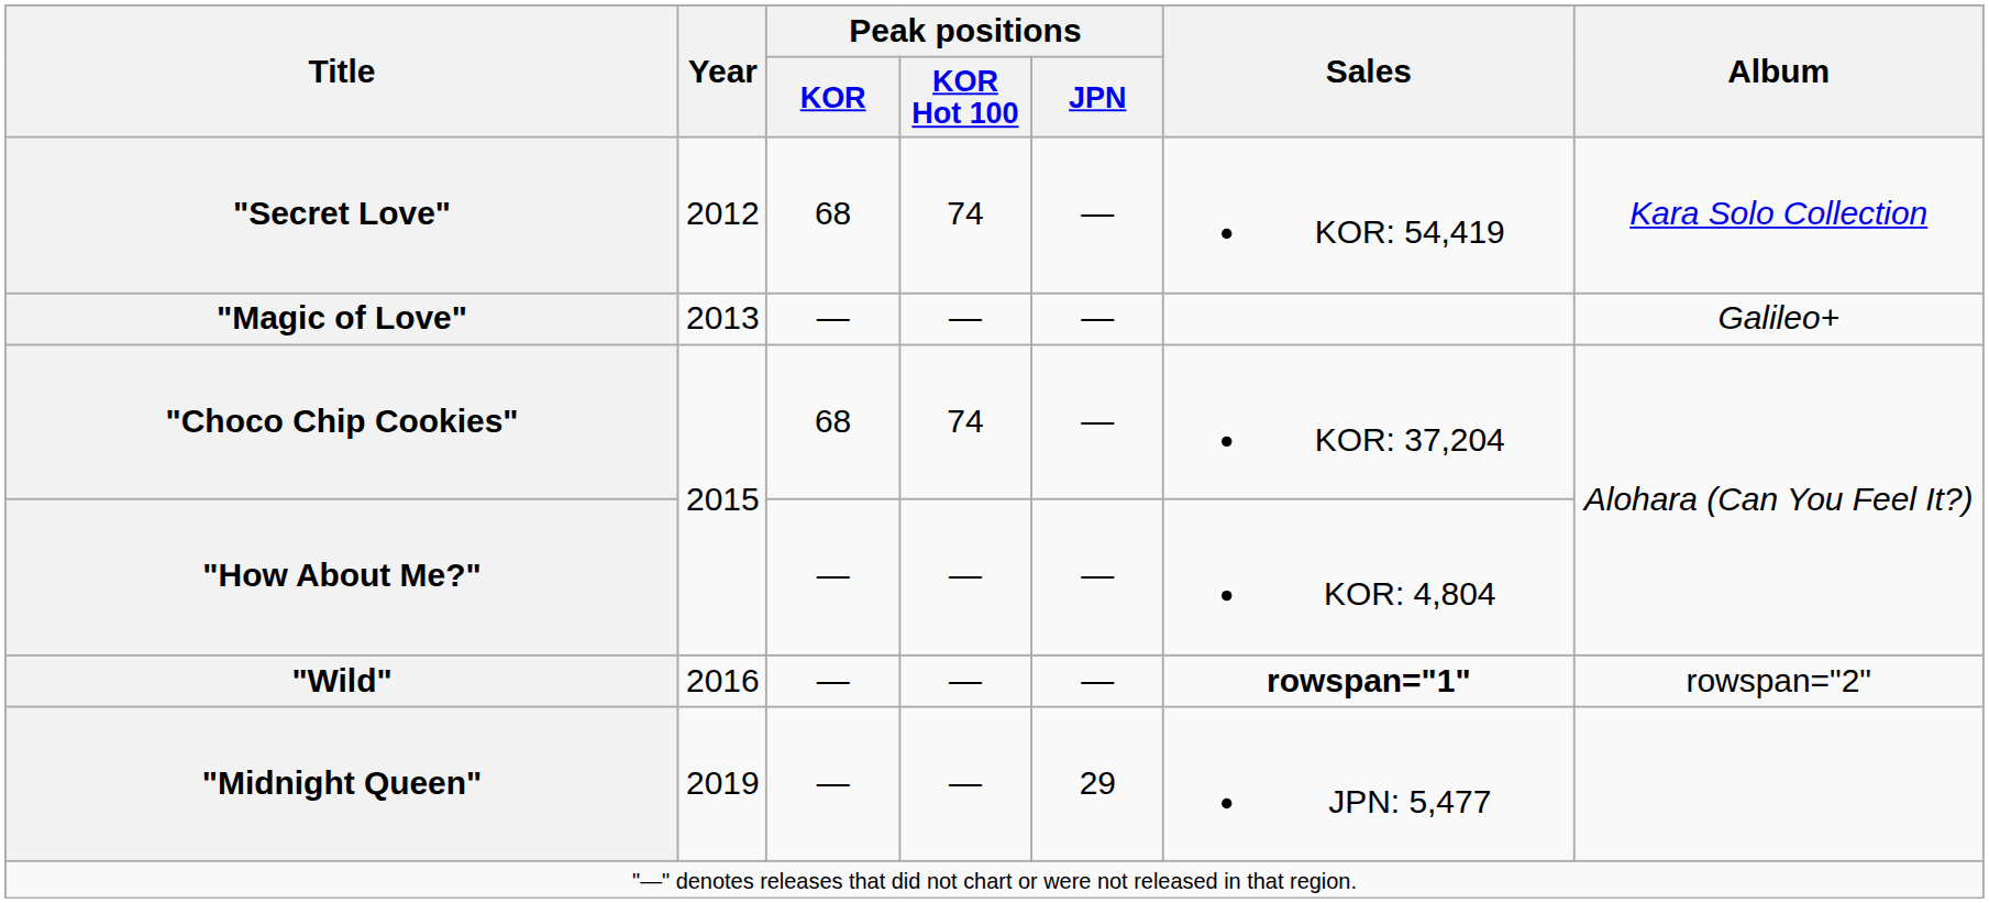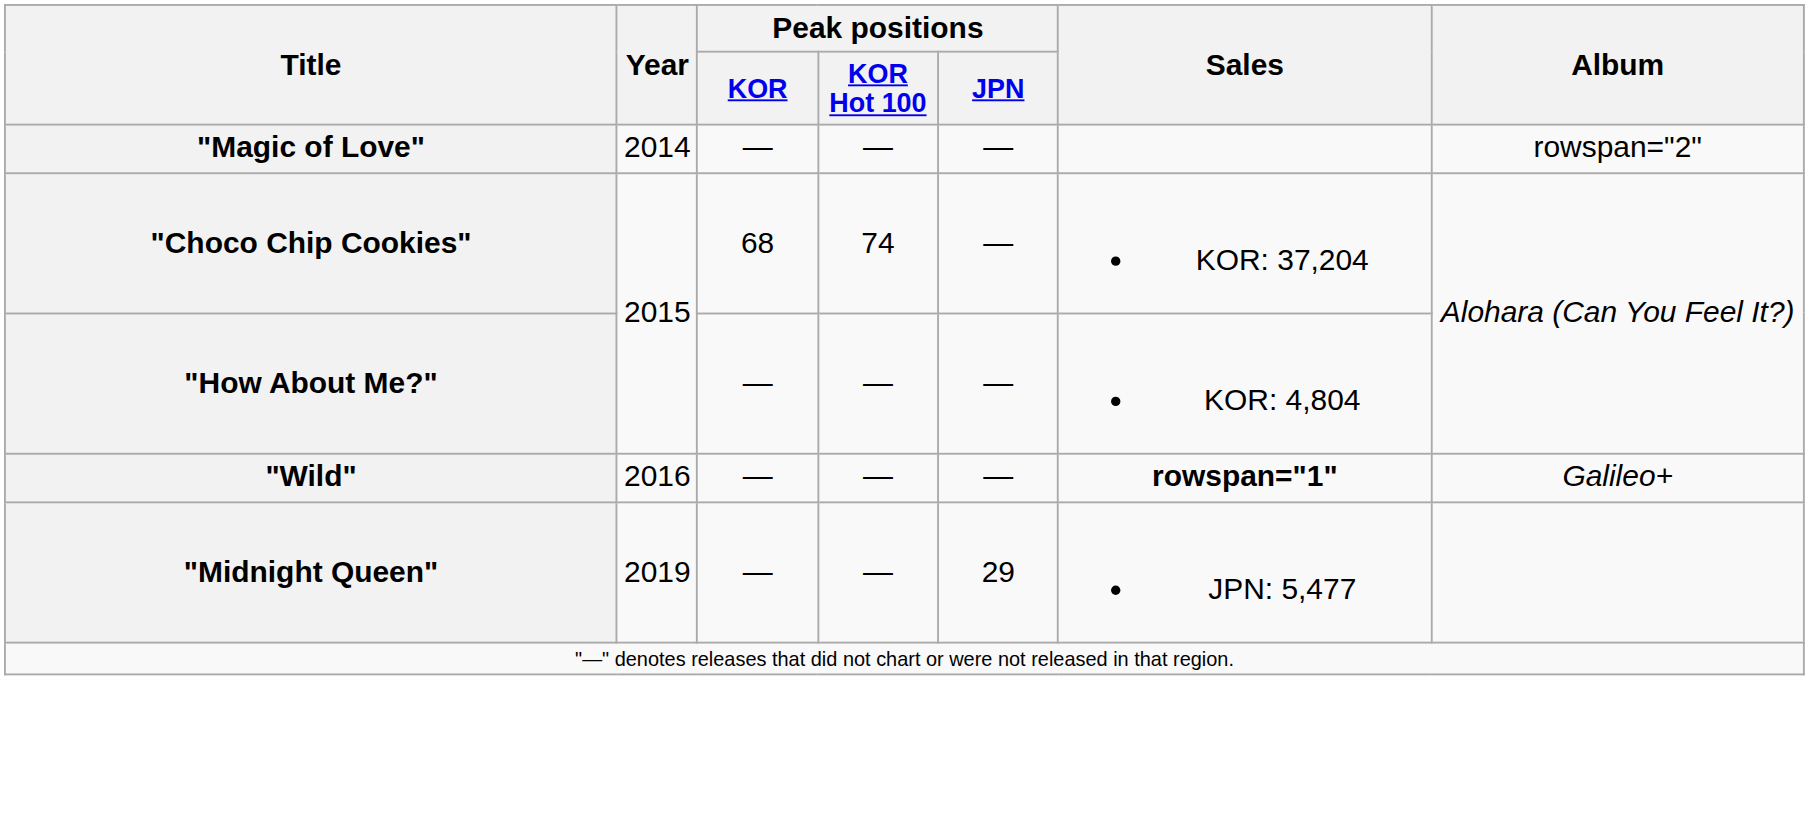 <table class="wikitable plainrowheaders" style="text-align:center">
 <tr>
 <th scope="col" rowspan="2" style="width:20em">Title</th>
 <th scope="col" rowspan="2" style="width:2em">Year</th>
 <th scope="col" colspan="3">Peak positions</th>
 <th rowspan="2" style="width:12em">Sales</th>
 <th scope="col" rowspan="2" style="width:12em">Album</th>
 </tr>
 <tr>
 <th scope="col" style="width:4em;font-size:90%"><a href='#'>KOR</a><br></th>
 <th scope="col" style="width:4em;font-size:90%"><a href='#'>KOR<br>Hot 100</a><br></th>
 <th scope="col" style="width:4em;font-size:90%"><a href='#'>JPN</a><br></th>
 </tr>
 <tr>
-<th scope="row">"Secret Love" </th>
-<td>2012</td>
-<td>68</td>
-<td>74</td>
-<td>—</td>
-<td><br><ul><li>KOR: 54,419</li></ul></td>
-<td><em><a href='#'>Kara Solo Collection</a></em></td>
-</tr>
-<tr>
 <th scope="row">"Magic of Love" </th>
-<td>2013</td>
+<td>2014</td>
 <td>—</td>
 <td>—</td>
 <td>—</td>
 <td></td>
-<td><em>Galileo+</em></td>
+<td>rowspan="2" </td>
 </tr>
 <tr>
 <th scope="row">"Choco Chip Cookies" <br></th>
 <td rowspan="2">2015</td>
 <td>68</td>
 <td>74</td>
 <td>—</td>
 <td><br><ul><li>KOR: 37,204</li></ul></td>
 <td rowspan="2"><em>Alohara (Can You Feel It?)</em></td>
 </tr>
 <tr>
 <th scope="row">"How About Me?" <br></th>
 <td>—</td>
 <td>—</td>
 <td>—</td>
 <td><br><ul><li>KOR: 4,804</li></ul></td>
 </tr>
 <tr>
 <th scope="row">"Wild"</th>
 <td>2016</td>
 <td>—</td>
 <td>—</td>
 <td>—</td>
 <td><strong>rowspan="1" </strong></td>
-<td>rowspan="2" </td>
+<td><em>Galileo+</em></td>
 </tr>
 <tr>
 <th scope="row">"Midnight Queen"</th>
 <td>2019</td>
 <td>—</td>
 <td>—</td>
 <td>29</td>
 <td><br><ul><li>JPN: 5,477</li></ul></td>
 </tr>
 <tr>
 <td colspan="7" style="text-align:center; font-size:8pt">"—" denotes releases that did not chart or were not released in that region.</td>
 </tr>
 </table>
